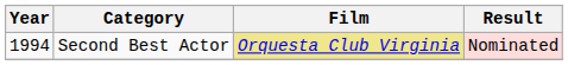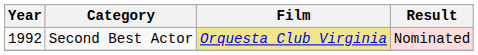 <table class="wikitable">
 <tr bgcolor="#CCCCCC">
 <th>Year</th>
 <th>Category</th>
 <th>Film</th>
 <th>Result</th>
 </tr>
 <tr>
-<td>1994</td>
+<td>1992</td>
 <td>Second Best Actor</td>
 <td style="background: khaki;"><em><a href='#'>Orquesta Club Virginia</a></em></td>
 <td style="background: #ffdddd">Nominated</td>
 </tr>
 <tr>
 </tr>
 </table>
